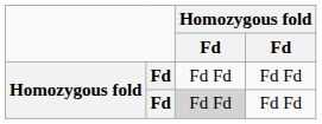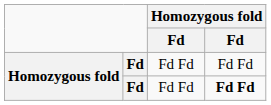 <table class="wikitable" style="text-align: center; ">
 <tr>
 <td colspan="2" rowspan="2"></td>
 <th colspan="2">Homozygous fold</th>
 </tr>
 <tr>
 <th>Fd</th>
 <th>Fd</th>
 </tr>
 <tr>
 <th rowspan="2">Homozygous fold</th>
 <th>Fd</th>
 <td>Fd Fd</td>
 <td>Fd Fd</td>
 </tr>
 <tr>
 <th>Fd</th>
-<td style="background: lightgrey;">Fd Fd</td>
 <td>Fd Fd</td>
+<td><strong>Fd Fd</strong></td>
 </tr>
 </table>
